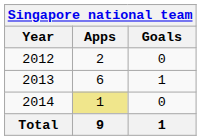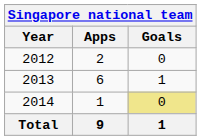 <table class="wikitable" style="text-align:center">
 <tr>
 <th colspan=3><a href='#'>Singapore national team</a></th>
 </tr>
 <tr>
 <th>Year</th>
 <th>Apps</th>
 <th>Goals</th>
 </tr>
 <tr>
 <td>2012</td>
 <td>2</td>
 <td>0</td>
 </tr>
 <tr>
 <td>2013</td>
 <td>6</td>
 <td>1</td>
 </tr>
 <tr>
 <td>2014</td>
-<td style="background: khaki;">1</td>
-<td>0</td>
+<td>1</td>
+<td style="background: khaki;">0</td>
 </tr>
 <tr>
 <th>Total</th>
 <th>9</th>
 <th>1</th>
 </tr>
 </table>
